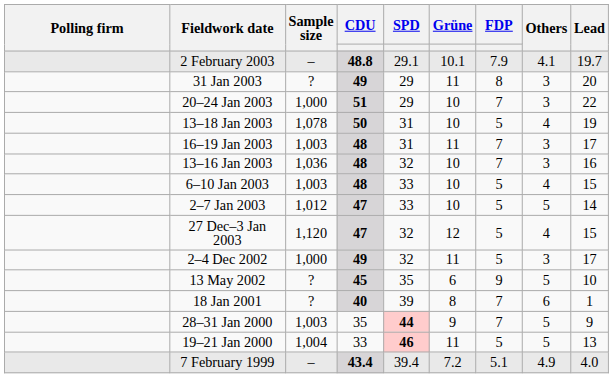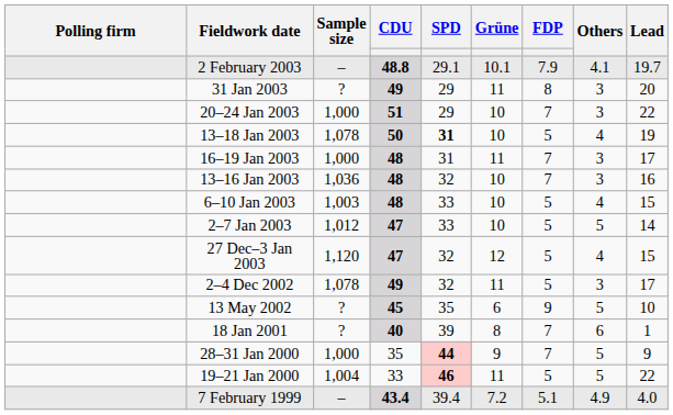 <table class="wikitable sortable" style="text-align:center;font-size:90%;line-height:14px;">
 <tr style="height:40px;">
 <th style="width:160px;" rowspan="2">Polling firm</th>
 <th style="width:110px;" rowspan="2">Fieldwork date</th>
 <th style="width:35px;" rowspan="2">Sample<br>size</th>
 <th class="unsortable" style="width:40px;"><a href='#'>CDU</a></th>
 <th class="unsortable" style="width:40px;"><a href='#'>SPD</a></th>
 <th class="unsortable" style="width:40px;"><a href='#'>Grüne</a></th>
 <th class="unsortable" style="width:40px;"><a href='#'>FDP</a></th>
 <th class="unsortable" style="width:40px;" rowspan="2">Others</th>
 <th style="width:30px;" rowspan="2">Lead</th>
 </tr>
 <tr>
 <th style="background:"></th>
 <th style="background:"></th>
 <th style="background:"></th>
 <th style="background:"></th>
 </tr>
 <tr style="background:#E9E9E9;">
 <td></td>
 <td data-sort-value="2003-02-02">2 February 2003</td>
 <td>–</td>
 <td style="background:#D7D5D7;"><strong>48.8</strong></td>
 <td>29.1</td>
 <td>10.1</td>
 <td>7.9</td>
 <td>4.1</td>
 <td style="background:">19.7</td>
 </tr>
 <tr>
 <td></td>
 <td data-sort-value="2003-01-31">31 Jan 2003</td>
 <td>?</td>
 <td style="background:#D7D5D7;"><strong>49</strong></td>
 <td>29</td>
 <td>11</td>
 <td>8</td>
 <td>3</td>
 <td style="background:">20</td>
 </tr>
 <tr>
 <td></td>
 <td data-sort-value="2003-01-29">20–24 Jan 2003</td>
 <td>1,000</td>
 <td style="background:#D7D5D7;"><strong>51</strong></td>
 <td>29</td>
 <td>10</td>
 <td>7</td>
 <td>3</td>
 <td style="background:">22</td>
 </tr>
 <tr>
 <td></td>
 <td data-sort-value="2003-01-22">13–18 Jan 2003</td>
 <td>1,078</td>
 <td style="background:#D7D5D7;"><strong>50</strong></td>
-<td>31</td>
+<td><strong>31</strong></td>
 <td>10</td>
 <td>5</td>
 <td>4</td>
 <td style="background:">19</td>
 </tr>
 <tr>
 <td></td>
 <td data-sort-value="2003-01-19">16–19 Jan 2003</td>
-<td>1,003</td>
+<td>1,000</td>
 <td style="background:#D7D5D7;"><strong>48</strong></td>
 <td>31</td>
 <td>11</td>
 <td>7</td>
 <td>3</td>
 <td style="background:">17</td>
 </tr>
 <tr>
 <td></td>
 <td data-sort-value="2003-01-17">13–16 Jan 2003</td>
 <td>1,036</td>
 <td style="background:#D7D5D7;"><strong>48</strong></td>
 <td>32</td>
 <td>10</td>
 <td>7</td>
 <td>3</td>
 <td style="background:">16</td>
 </tr>
 <tr>
 <td></td>
 <td data-sort-value="2003-01-15">6–10 Jan 2003</td>
 <td>1,003</td>
 <td style="background:#D7D5D7;"><strong>48</strong></td>
 <td>33</td>
 <td>10</td>
 <td>5</td>
 <td>4</td>
 <td style="background:">15</td>
 </tr>
 <tr>
 <td></td>
 <td data-sort-value="2003-01-09">2–7 Jan 2003</td>
 <td>1,012</td>
 <td style="background:#D7D5D7;"><strong>47</strong></td>
 <td>33</td>
 <td>10</td>
 <td>5</td>
 <td>5</td>
 <td style="background:">14</td>
 </tr>
 <tr>
 <td></td>
 <td data-sort-value="2003-01-07">27 Dec–3 Jan 2003</td>
 <td>1,120</td>
 <td style="background:#D7D5D7;"><strong>47</strong></td>
 <td>32</td>
 <td>12</td>
 <td>5</td>
 <td>4</td>
 <td style="background:">15</td>
 </tr>
 <tr>
 <td></td>
 <td data-sort-value="2002-06-12">2–4 Dec 2002</td>
-<td>1,000</td>
+<td>1,078</td>
 <td style="background:#D7D5D7;"><strong>49</strong></td>
 <td>32</td>
 <td>11</td>
 <td>5</td>
 <td>3</td>
 <td style="background:">17</td>
 </tr>
 <tr>
 <td></td>
 <td data-sort-value="2002-05-13">13 May 2002</td>
 <td>?</td>
 <td style="background:#D7D5D7;"><strong>45</strong></td>
 <td>35</td>
 <td>6</td>
 <td>9</td>
 <td>5</td>
 <td style="background:">10</td>
 </tr>
 <tr>
 <td></td>
 <td data-sort-value="2001-01-18">18 Jan 2001</td>
 <td>?</td>
 <td style="background:#D7D5D7;"><strong>40</strong></td>
 <td>39</td>
 <td>8</td>
 <td>7</td>
 <td>6</td>
 <td style="background:">1</td>
 </tr>
 <tr>
 <td></td>
 <td data-sort-value="2000-02-04">28–31 Jan 2000</td>
-<td>1,003</td>
+<td>1,000</td>
 <td>35</td>
 <td style="background:#FFCCCC;"><strong>44</strong></td>
 <td>9</td>
 <td>7</td>
 <td>5</td>
 <td style="background:">9</td>
 </tr>
 <tr>
 <td></td>
 <td data-sort-value="2000-01-24">19–21 Jan 2000</td>
 <td>1,004</td>
 <td>33</td>
 <td style="background:#FFCCCC;"><strong>46</strong></td>
 <td>11</td>
 <td>5</td>
 <td>5</td>
-<td style="background:">13</td>
+<td style="background:">22</td>
 </tr>
 <tr style="background:#E9E9E9;">
 <td></td>
 <td data-sort-value="1999-02-07">7 February 1999</td>
 <td>–</td>
 <td style="background:#D7D5D7;"><strong>43.4</strong></td>
 <td>39.4</td>
 <td>7.2</td>
 <td>5.1</td>
 <td>4.9</td>
 <td style="background:">4.0</td>
 </tr>
 </table>
